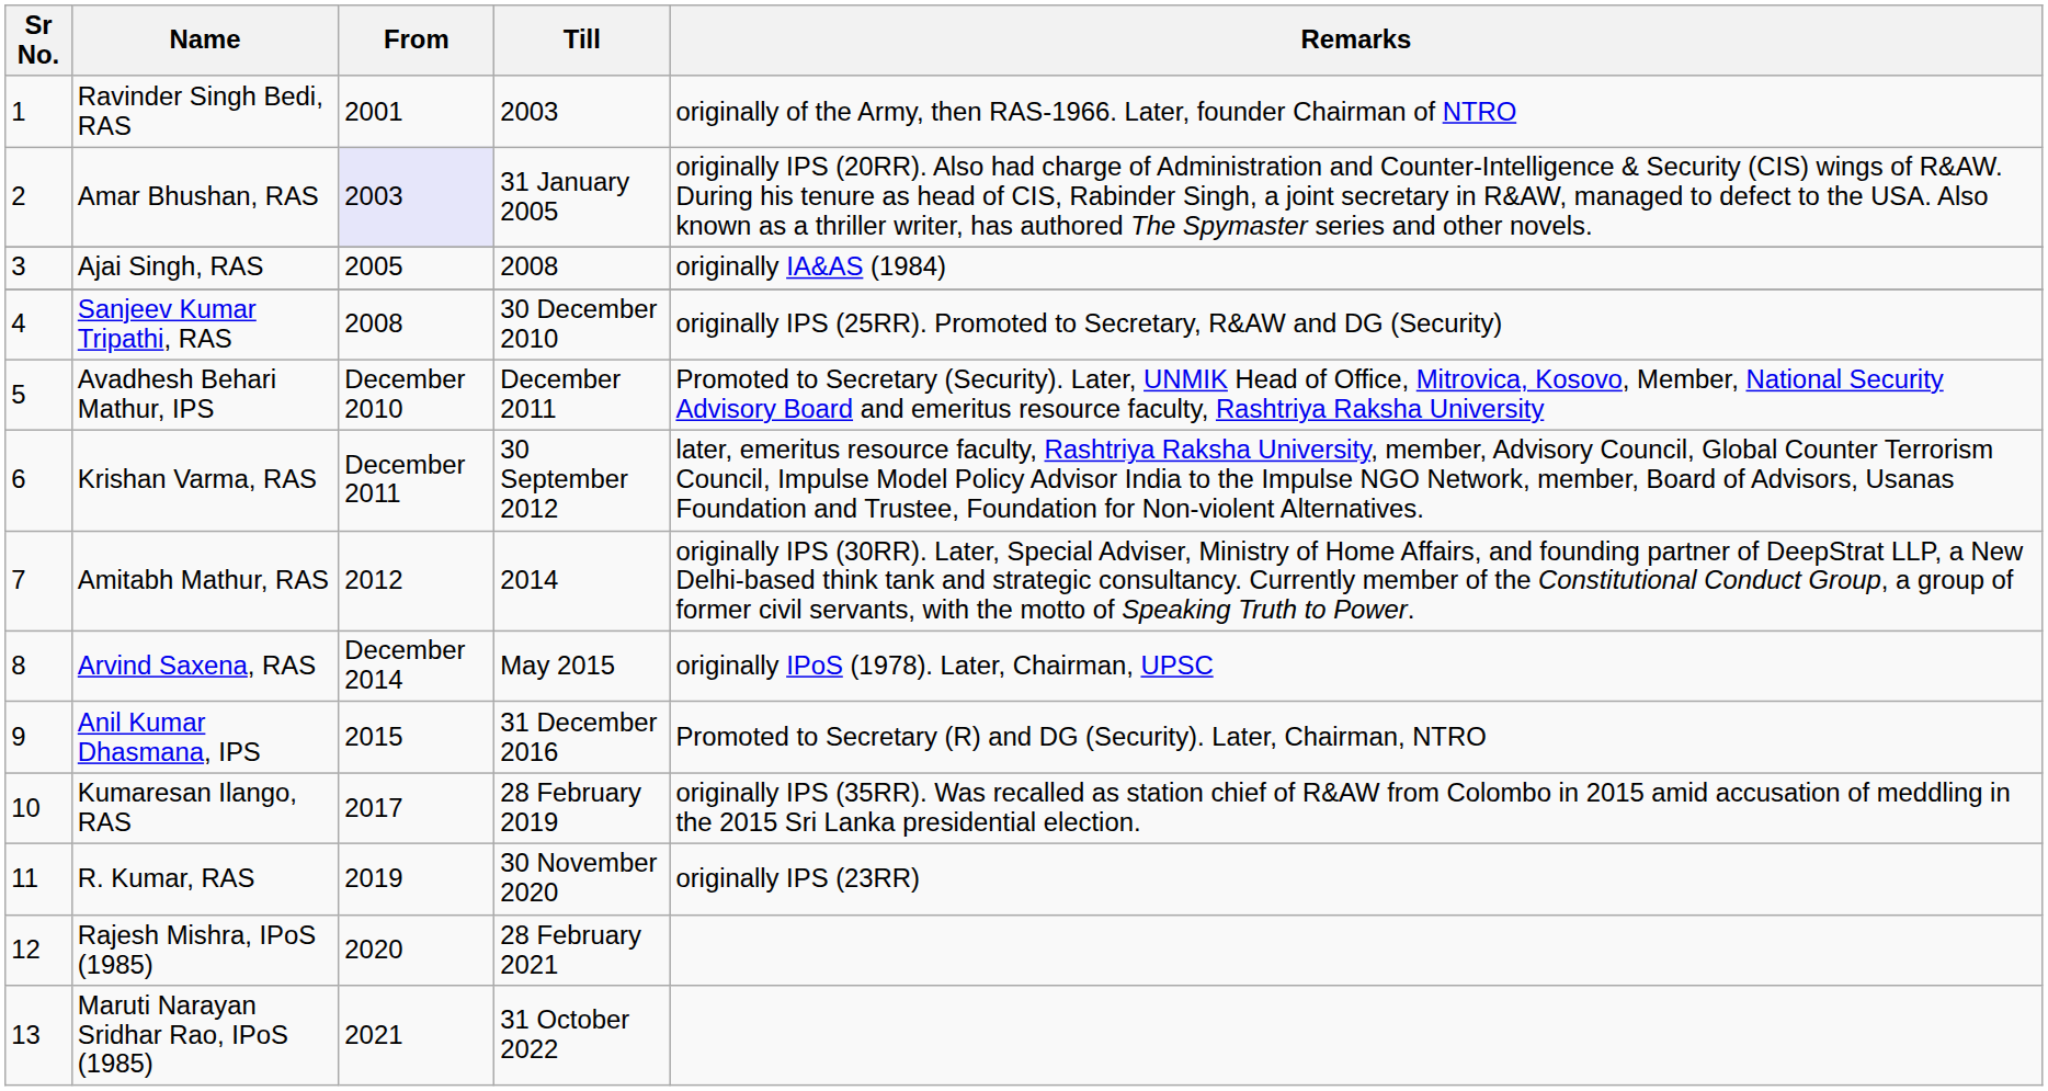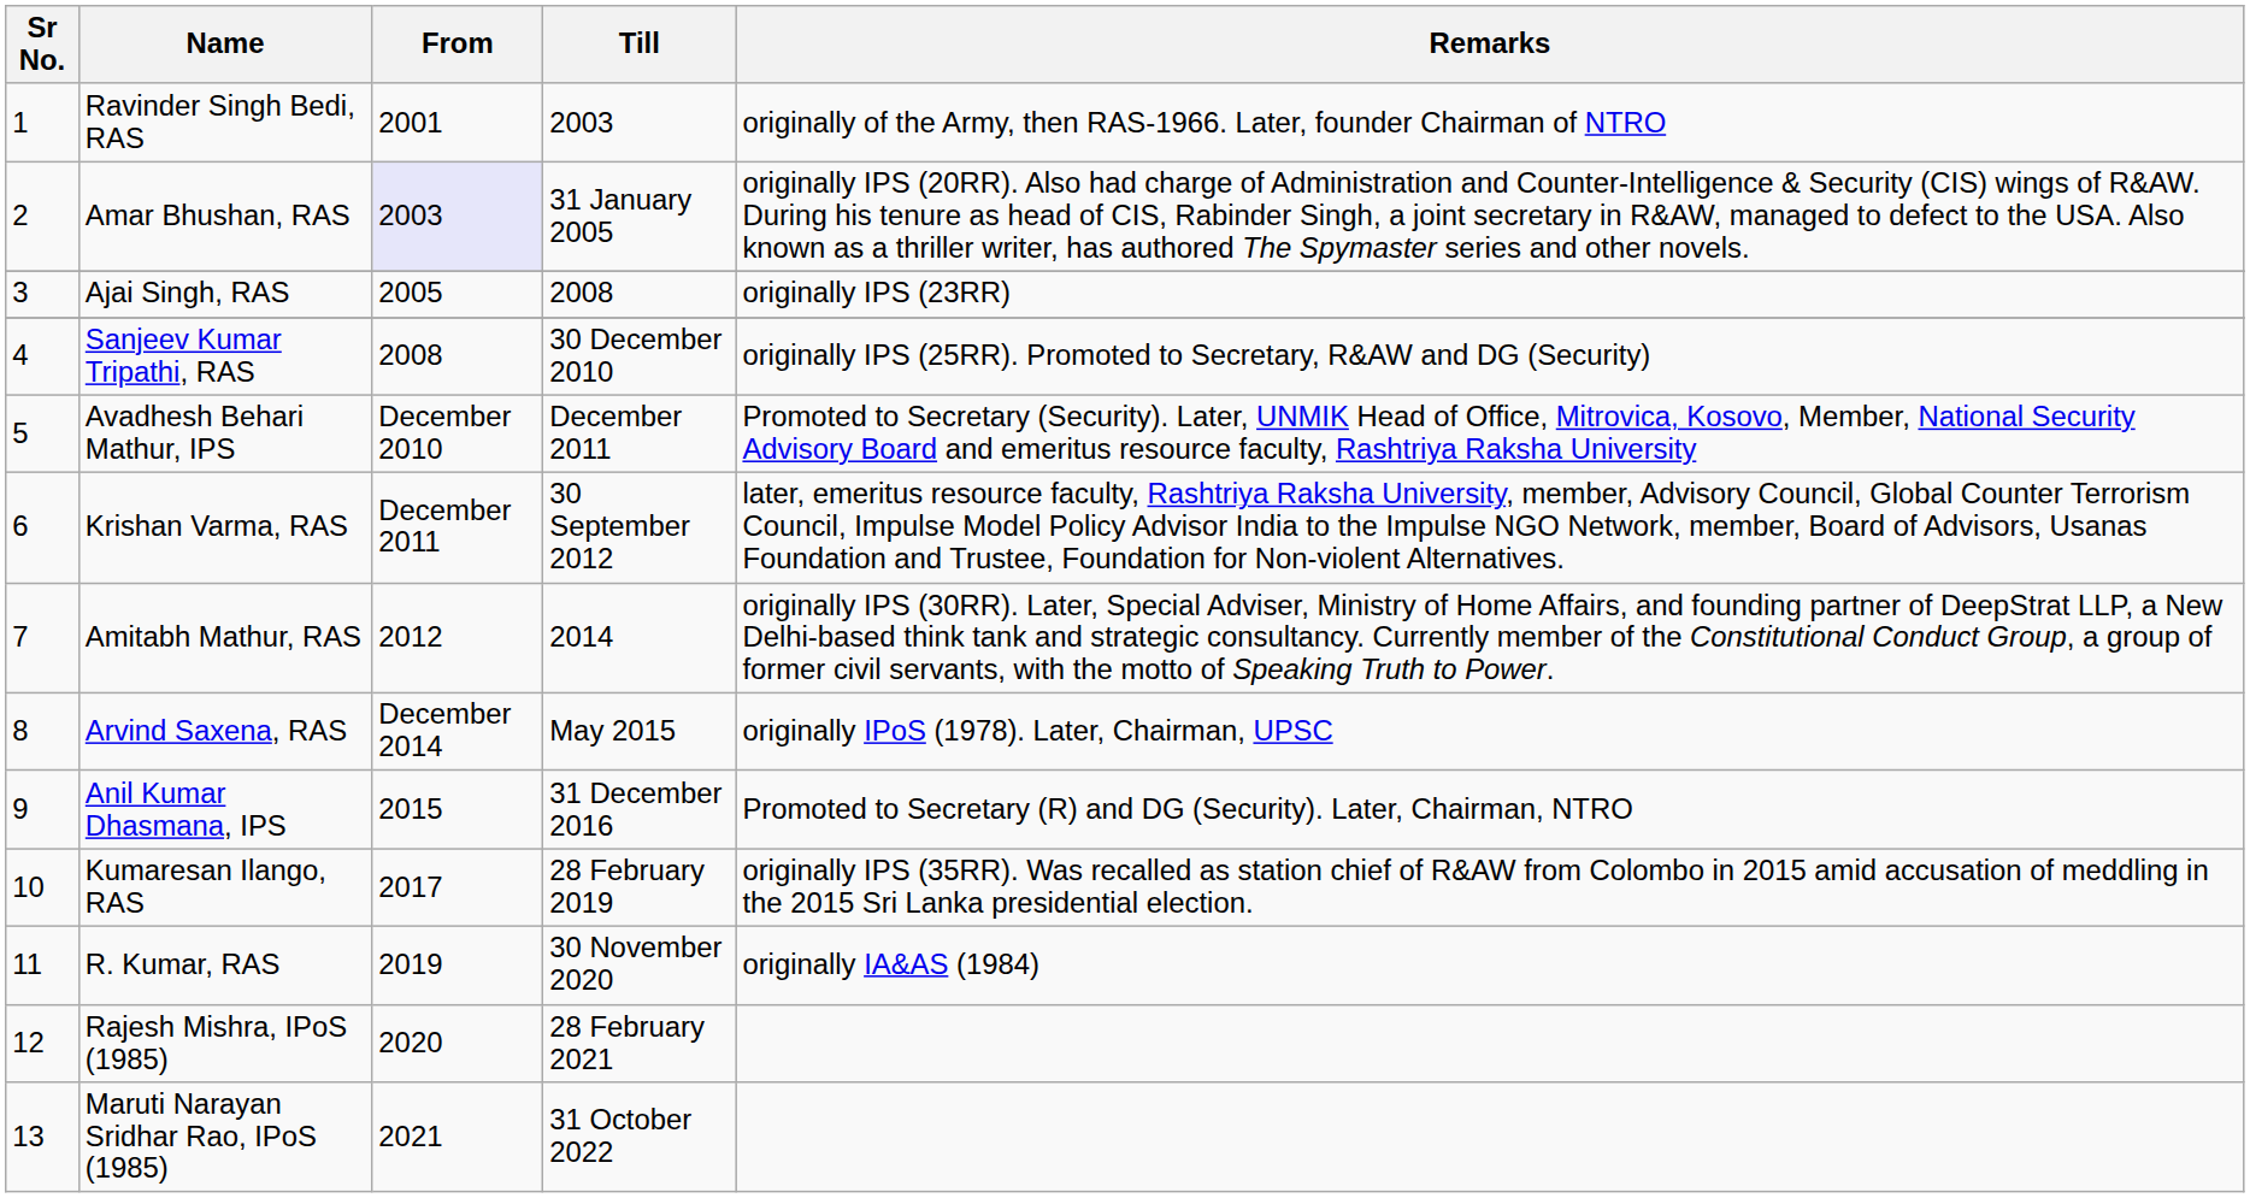 <table class="wikitable sortable">
 <tr>
 <th>Sr No.</th>
 <th>Name</th>
 <th>From</th>
 <th>Till</th>
 <th>Remarks</th>
 </tr>
 <tr>
 <td>1</td>
 <td>Ravinder Singh Bedi, RAS</td>
 <td>2001</td>
 <td>2003</td>
 <td>originally of the Army, then RAS-1966. Later, founder Chairman of <a href='#'>NTRO</a></td>
 </tr>
 <tr>
 <td>2</td>
 <td>Amar Bhushan, RAS</td>
 <td style="background: lavender;">2003</td>
 <td>31 January 2005</td>
 <td>originally IPS (20RR). Also had charge of Administration and Counter-Intelligence & Security (CIS) wings of R&AW. During his tenure as head of CIS, Rabinder Singh, a joint secretary in R&AW, managed to defect to the USA. Also known as a thriller writer, has authored <em>The Spymaster</em> series and other novels.</td>
 </tr>
 <tr>
 </tr>
 <tr>
 <td>3</td>
 <td>Ajai Singh, RAS</td>
 <td>2005</td>
 <td>2008</td>
-<td>originally <a href='#'>IA&AS</a> (1984)</td>
+<td>originally IPS (23RR)</td>
 </tr>
 <tr>
 </tr>
 <tr>
 <td>4</td>
 <td><a href='#'>Sanjeev Kumar Tripathi</a>, RAS</td>
 <td>2008</td>
 <td>30 December 2010</td>
 <td>originally IPS (25RR). Promoted to Secretary, R&AW and DG (Security)</td>
 </tr>
 <tr>
 <td>5</td>
 <td>Avadhesh Behari Mathur, IPS</td>
 <td>December 2010</td>
 <td>December 2011</td>
 <td>Promoted to Secretary (Security). Later, <a href='#'>UNMIK</a> Head of Office, <a href='#'>Mitrovica, Kosovo</a>, Member, <a href='#'>National Security Advisory Board</a> and emeritus resource faculty, <a href='#'>Rashtriya Raksha University</a></td>
 </tr>
 <tr>
 <td>6</td>
 <td>Krishan Varma, RAS</td>
 <td>December 2011</td>
 <td>30 September 2012</td>
 <td>later, emeritus resource faculty, <a href='#'>Rashtriya Raksha University</a>, member, Advisory Council, Global Counter Terrorism Council, Impulse Model Policy Advisor India to the Impulse NGO Network, member, Board of Advisors, Usanas Foundation and Trustee, Foundation for Non-violent Alternatives.</td>
 </tr>
 <tr>
 <td>7</td>
 <td>Amitabh Mathur, RAS</td>
 <td>2012</td>
 <td>2014</td>
 <td>originally IPS (30RR). Later, Special Adviser, Ministry of Home Affairs, and founding partner of DeepStrat LLP, a New Delhi-based think tank and strategic consultancy. Currently member of the <em>Constitutional Conduct Group</em>, a group of former civil servants, with the motto of <em>Speaking Truth to Power</em>.</td>
 </tr>
 <tr>
 <td>8</td>
 <td><a href='#'>Arvind Saxena</a>, RAS</td>
 <td>December 2014</td>
 <td>May 2015</td>
 <td>originally <a href='#'>IPoS</a> (1978). Later, Chairman, <a href='#'>UPSC</a></td>
 </tr>
 <tr>
 <td>9</td>
 <td><a href='#'>Anil Kumar Dhasmana</a>, IPS</td>
 <td>2015</td>
 <td>31 December 2016</td>
 <td>Promoted to Secretary (R) and DG (Security). Later, Chairman, NTRO</td>
 </tr>
 <tr>
 <td>10</td>
 <td>Kumaresan Ilango, RAS</td>
 <td>2017</td>
 <td>28 February 2019</td>
 <td>originally IPS (35RR). Was recalled as station chief of R&AW from Colombo in 2015 amid accusation of meddling in the 2015 Sri Lanka presidential election.</td>
 </tr>
 <tr>
 <td>11</td>
 <td>R. Kumar, RAS</td>
 <td>2019</td>
 <td>30 November 2020</td>
-<td>originally IPS (23RR)</td>
+<td>originally <a href='#'>IA&AS</a> (1984)</td>
 </tr>
 <tr>
 <td>12</td>
 <td>Rajesh Mishra, IPoS (1985)</td>
 <td>2020</td>
 <td>28 February 2021</td>
 <td></td>
 </tr>
 <tr>
 <td>13</td>
 <td>Maruti Narayan Sridhar Rao, IPoS (1985)</td>
 <td>2021</td>
 <td>31 October 2022</td>
 <td></td>
 </tr>
 </table>
